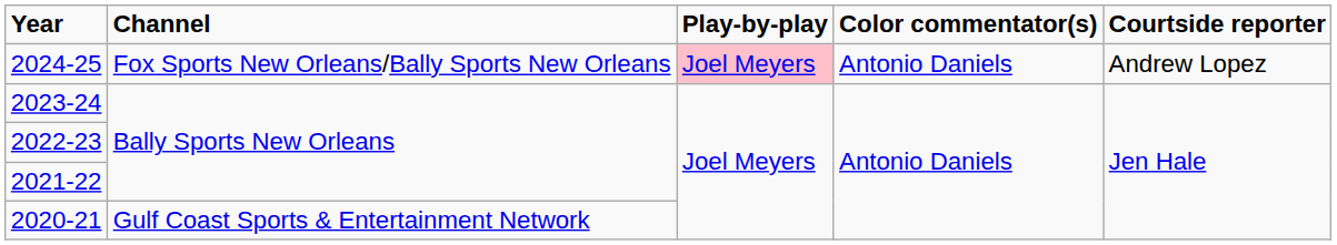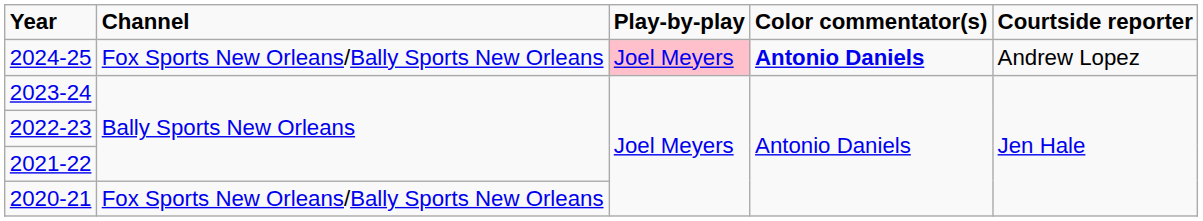 <table class="wikitable">
 <tr>
 <td><strong>Year</strong></td>
 <td><strong>Channel</strong></td>
 <td><strong>Play-by-play</strong></td>
 <td><strong>Color commentator(s)</strong></td>
 <td><strong>Courtside reporter</strong></td>
 </tr>
 <tr>
 <td><a href='#'>2024-25</a></td>
 <td><a href='#'>Fox Sports New Orleans</a>/<a href='#'>Bally Sports New Orleans</a></td>
 <td style="background: pink;"><a href='#'>Joel Meyers</a></td>
-<td><a href='#'>Antonio Daniels</a></td>
+<td><strong><a href='#'>Antonio Daniels</a></strong></td>
 <td>Andrew Lopez</td>
 </tr>
 <tr>
 <td><a href='#'>2023-24</a></td>
 <td rowspan=3><a href='#'>Bally Sports New Orleans</a></td>
 <td rowspan=4><a href='#'>Joel Meyers</a></td>
 <td rowspan=4><a href='#'>Antonio Daniels</a></td>
 <td rowspan=4><a href='#'>Jen Hale</a></td>
 </tr>
 <tr>
 <td><a href='#'>2022-23</a></td>
 </tr>
 <tr>
 <td><a href='#'>2021-22</a></td>
 </tr>
 <tr>
 <td><a href='#'>2020-21</a></td>
-<td><a href='#'>Gulf Coast Sports & Entertainment Network</a></td>
+<td><a href='#'>Fox Sports New Orleans</a>/<a href='#'>Bally Sports New Orleans</a></td>
 </tr>
 </table>
